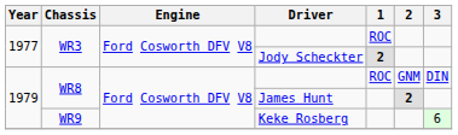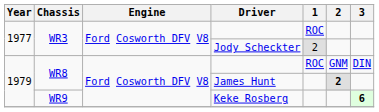 <table class="wikitable" style="text-align:center; font-size:85%">
 <tr>
 <th>Year</th>
 <th>Chassis</th>
 <th>Engine</th>
 <th>Driver</th>
 <th>1</th>
 <th>2</th>
 <th>3</th>
 </tr>
 <tr>
 <td rowspan="2">1977</td>
 <td rowspan="2"><a href='#'>WR3</a></td>
 <td rowspan="2"><a href='#'>Ford</a> <a href='#'>Cosworth DFV</a> <a href='#'>V8</a></td>
 <td></td>
 <td><a href='#'>ROC</a></td>
 <td></td>
 <td></td>
 </tr>
 <tr>
 <td align=left> <a href='#'>Jody Scheckter</a></td>
-<td style="background:#DFDFDF;"><strong>2</strong></td>
+<td style="background:#DFDFDF;">2</td>
 <td></td>
 <td></td>
 </tr>
 <tr>
 <td rowspan="3">1979</td>
 <td rowspan="2"><a href='#'>WR8</a></td>
 <td rowspan="3"><a href='#'>Ford</a> <a href='#'>Cosworth DFV</a> <a href='#'>V8</a></td>
 <td></td>
 <td><a href='#'>ROC</a></td>
 <td><a href='#'>GNM</a></td>
 <td><a href='#'>DIN</a></td>
 </tr>
 <tr>
 <td align=left> <a href='#'>James Hunt</a></td>
 <td></td>
 <td style="background:#DFDFDF;"><strong>2</strong></td>
 <td></td>
 </tr>
 <tr>
 <td><a href='#'>WR9</a></td>
 <td align=left> <a href='#'>Keke Rosberg</a></td>
 <td></td>
 <td></td>
-<td style="background:#DFFFDF;">6</td>
+<td style="background:#DFFFDF;"><strong>6</strong></td>
 </tr>
 <tr>
 </tr>
 </table>
